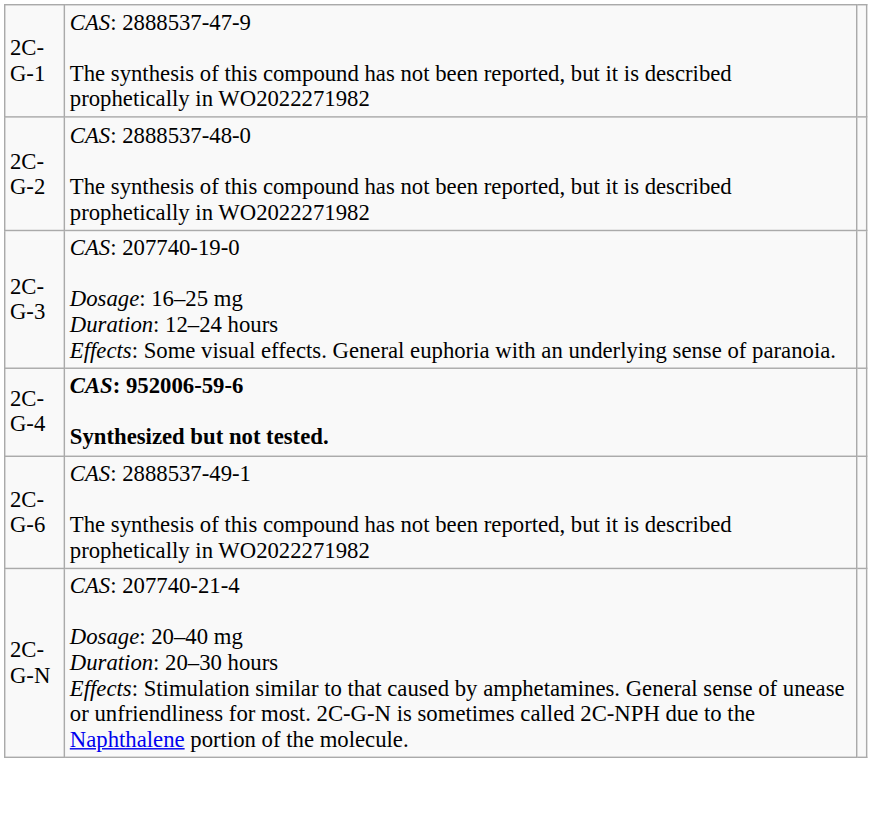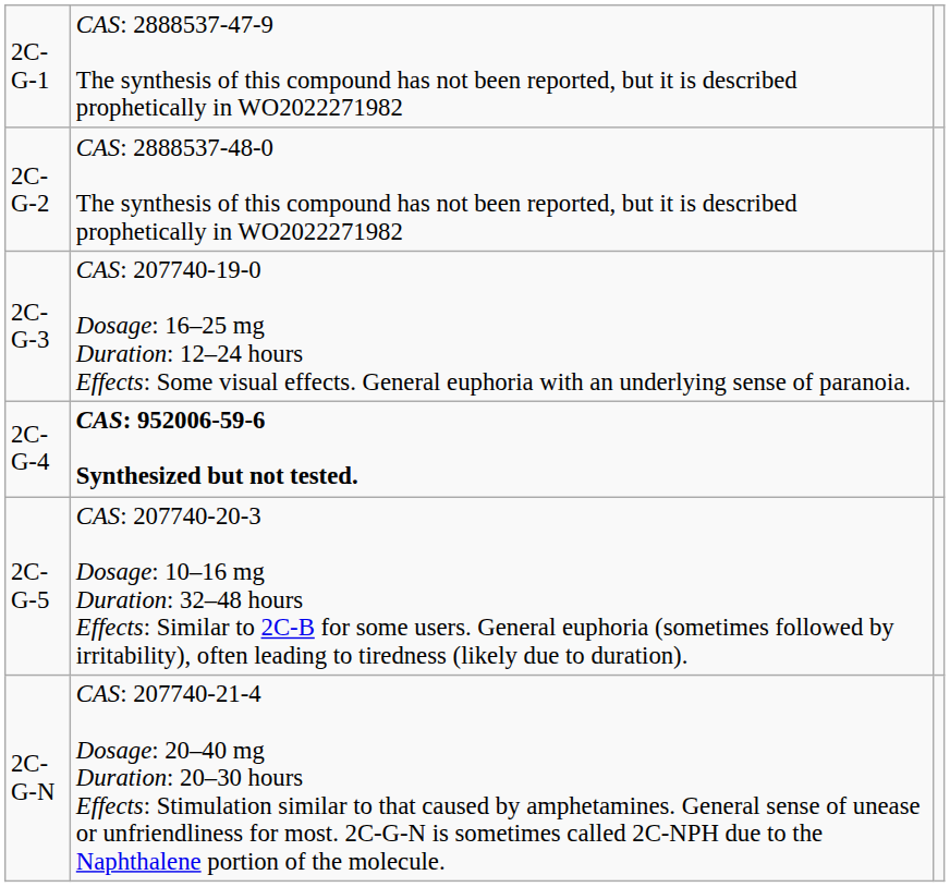 <table class="wikitable">
 <tr>
 <td>2C-G-1</td>
 <td><em>CAS</em>: 2888537-47-9 <br><br>The synthesis of this compound has not been reported, but it is described prophetically in WO2022271982</td>
 <td></td>
 </tr>
 <tr>
 <td>2C-G-2</td>
 <td><em>CAS</em>: 2888537-48-0 <br><br>The synthesis of this compound has not been reported, but it is described prophetically in WO2022271982</td>
 <td></td>
 </tr>
 <tr>
 <td>2C-G-3</td>
 <td><em>CAS</em>: 207740-19-0 <br><br><em>Dosage</em>: 16–25 mg <br> <em>Duration</em>: 12–24 hours <br> <em>Effects</em>: Some visual effects. General euphoria with an underlying sense of paranoia.</td>
 <td></td>
 </tr>
 <tr>
 <td>2C-G-4</td>
 <td><strong><em>CAS</em>: 952006-59-6 <br><br>Synthesized but not tested.</strong></td>
 <td></td>
 </tr>
 <tr>
-<td>2C-G-6</td>
-<td><em>CAS</em>: 2888537-49-1 <br><br>The synthesis of this compound has not been reported, but it is described prophetically in WO2022271982</td>
+<td>2C-G-5</td>
+<td><em>CAS</em>: 207740-20-3 <br><br><em>Dosage</em>: 10–16 mg <br> <em>Duration</em>: 32–48 hours <br> <em>Effects</em>: Similar to <a href='#'>2C-B</a> for some users. General euphoria (sometimes followed by irritability), often leading to tiredness (likely due to duration).</td>
 <td></td>
 </tr>
 <tr>
 <td>2C-G-N</td>
 <td><em>CAS</em>: 207740-21-4 <br><br><em>Dosage</em>: 20–40 mg <br> <em>Duration</em>: 20–30 hours <br> <em>Effects</em>: Stimulation similar to that caused by amphetamines. General sense of unease or unfriendliness for most. 2C-G-N is sometimes called 2C-NPH due to the <a href='#'>Naphthalene</a> portion of the molecule.</td>
 <td></td>
 </tr>
 </table>
